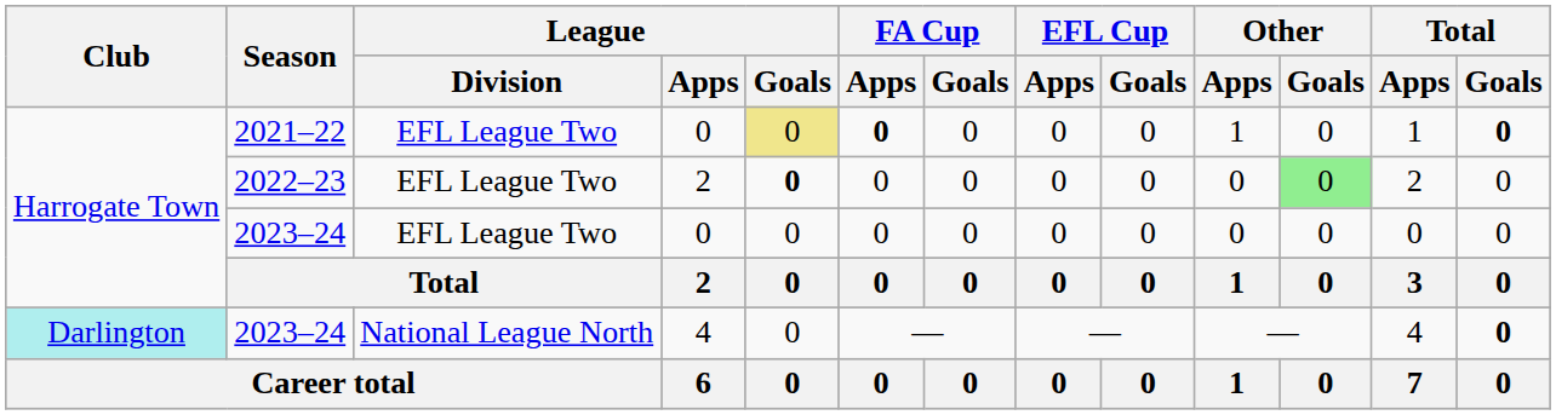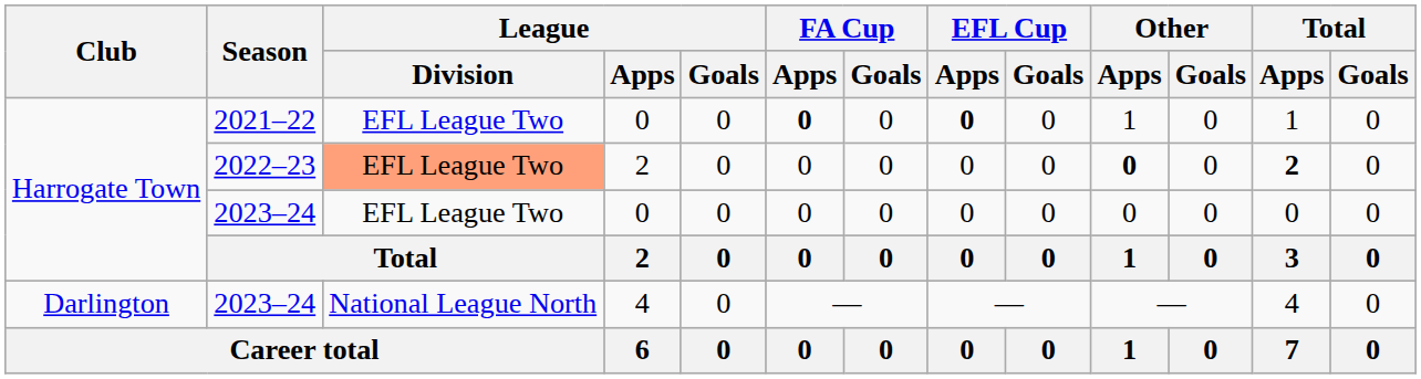 <table class="wikitable" style="text-align:center;">
 <tr>
 <th rowspan="2">Club</th>
 <th rowspan="2">Season</th>
 <th colspan="3">League</th>
 <th colspan="2"><a href='#'>FA Cup</a></th>
 <th colspan="2"><a href='#'>EFL Cup</a></th>
 <th colspan="2">Other</th>
 <th colspan="2">Total</th>
 </tr>
 <tr>
 <th>Division</th>
 <th>Apps</th>
 <th>Goals</th>
 <th>Apps</th>
 <th>Goals</th>
 <th>Apps</th>
 <th>Goals</th>
 <th>Apps</th>
 <th>Goals</th>
 <th>Apps</th>
 <th>Goals</th>
 </tr>
 <tr>
 <td rowspan="4"><a href='#'>Harrogate Town</a></td>
 <td><a href='#'>2021–22</a></td>
 <td><a href='#'>EFL League Two</a></td>
 <td>0</td>
-<td style="background: khaki;">0</td>
+<td>0</td>
 <td><strong>0</strong></td>
 <td>0</td>
-<td>0</td>
+<td><strong>0</strong></td>
 <td>0</td>
 <td>1</td>
 <td>0</td>
 <td>1</td>
-<td><strong>0</strong></td>
+<td>0</td>
 </tr>
 <tr>
 <td><a href='#'>2022–23</a></td>
-<td>EFL League Two</td>
+<td style="background: lightsalmon;">EFL League Two</td>
 <td>2</td>
-<td><strong>0</strong></td>
 <td>0</td>
 <td>0</td>
 <td>0</td>
 <td>0</td>
 <td>0</td>
-<td style="background: lightgreen;">0</td>
-<td>2</td>
+<td><strong>0</strong></td>
+<td>0</td>
+<td><strong>2</strong></td>
 <td>0</td>
 </tr>
 <tr>
 <td><a href='#'>2023–24</a></td>
 <td>EFL League Two</td>
 <td>0</td>
 <td>0</td>
 <td>0</td>
 <td>0</td>
 <td>0</td>
 <td>0</td>
 <td>0</td>
 <td>0</td>
 <td>0</td>
 <td>0</td>
 </tr>
 <tr>
 <th colspan="2">Total</th>
 <th>2</th>
 <th>0</th>
 <th>0</th>
 <th>0</th>
 <th>0</th>
 <th>0</th>
 <th>1</th>
 <th>0</th>
 <th>3</th>
 <th>0</th>
 </tr>
 <tr>
-<td style="background: paleturquoise;"><a href='#'>Darlington</a></td>
+<td><a href='#'>Darlington</a></td>
 <td><a href='#'>2023–24</a></td>
 <td><a href='#'>National League North</a></td>
 <td>4</td>
 <td>0</td>
 <td colspan="2">—</td>
 <td colspan="2">—</td>
 <td colspan="2">—</td>
 <td>4</td>
-<td><strong>0</strong></td>
+<td>0</td>
 </tr>
 <tr>
 <th colspan="3">Career total</th>
 <th>6</th>
 <th>0</th>
 <th>0</th>
 <th>0</th>
 <th>0</th>
 <th>0</th>
 <th>1</th>
 <th>0</th>
 <th>7</th>
 <th>0</th>
 </tr>
 </table>
